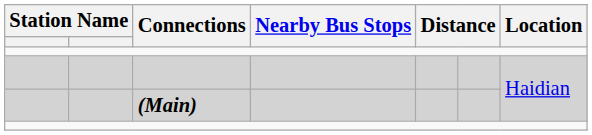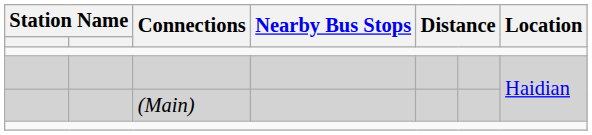 <table class=wikitable>
 <tr>
 <th colspan=2>Station Name</th>
 <th rowspan=2>Connections</th>
 <th rowspan="2"><a href='#'>Nearby Bus Stops</a></th>
 <th colspan=2 rowspan=2>Distance<br></th>
 <th rowspan="2">Location</th>
 </tr>
 <tr bgcolor="lightgrey">
 <th></th>
 <th></th>
 </tr>
 <tr style=background:#>
 <td colspan=7></td>
 </tr>
 <tr bgcolor="lightgrey">
 <td></td>
 <td></td>
 <td><br> </td>
 <td></td>
 <td></td>
 <td></td>
 <td rowspan="2"><a href='#'>Haidian</a></td>
 </tr>
 <tr bgcolor="lightgrey">
 <td></td>
 <td></td>
-<td><strong><em> (Main)</em></strong></td>
+<td><em> (Main)</em></td>
 <td></td>
 <td></td>
 <td></td>
 </tr>
 <tr style=background:#>
 <td colspan=7></td>
 </tr>
 </table>
